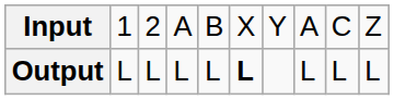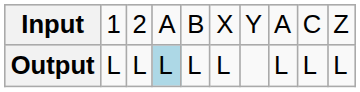 <table class="wikitable">
 <tr>
 <th>Input</th>
 <td>1</td>
 <td>2</td>
 <td>A</td>
 <td>B</td>
 <td>X</td>
 <td>Y</td>
 <td>A</td>
 <td>C</td>
 <td>Z</td>
 </tr>
 <tr>
 <th>Output</th>
 <td>L</td>
 <td>L</td>
+<td style="background: lightblue;">L</td>
 <td>L</td>
 <td>L</td>
-<td><strong>L</strong></td>
 <td></td>
 <td>L</td>
 <td>L</td>
 <td>L</td>
 </tr>
 </table>
